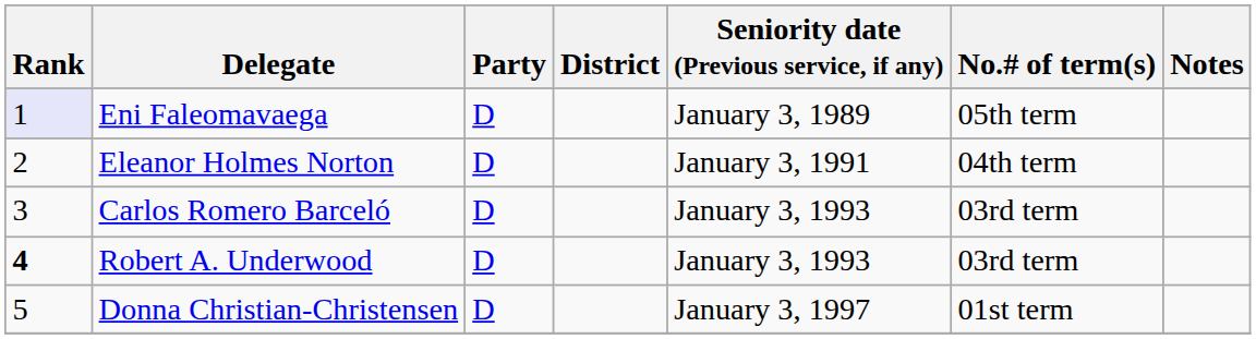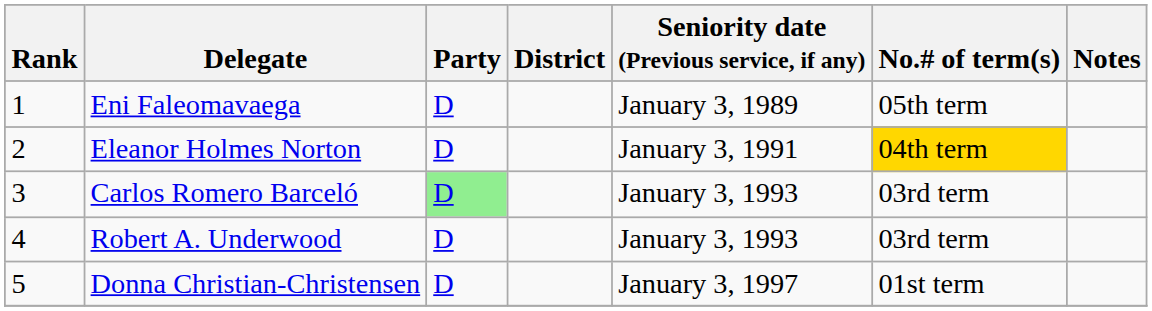 <table class="wikitable sortable">
 <tr valign=bottom>
 <th>Rank</th>
 <th>Delegate</th>
 <th>Party</th>
 <th>District</th>
 <th>Seniority date<br><small>(Previous service, if any)</small><br></th>
 <th>No.# of term(s)</th>
 <th>Notes</th>
 </tr>
 <tr>
-<td style="background: lavender;">1</td>
+<td>1</td>
 <td><a href='#'>Eni Faleomavaega</a></td>
 <td><a href='#'>D</a></td>
 <td></td>
 <td>January 3, 1989</td>
 <td>05th term</td>
 <td></td>
 </tr>
 <tr>
 <td>2</td>
 <td><a href='#'>Eleanor Holmes Norton</a></td>
 <td><a href='#'>D</a></td>
 <td></td>
 <td>January 3, 1991</td>
-<td>04th term</td>
+<td style="background: gold;">04th term</td>
 <td></td>
 </tr>
 <tr>
 <td>3</td>
 <td><a href='#'>Carlos Romero Barceló</a></td>
-<td><a href='#'>D</a></td>
+<td style="background: lightgreen;"><a href='#'>D</a></td>
 <td></td>
 <td>January 3, 1993</td>
 <td>03rd term</td>
 <td></td>
 </tr>
 <tr>
-<td><strong>4</strong></td>
+<td>4</td>
 <td><a href='#'>Robert A. Underwood</a></td>
 <td><a href='#'>D</a></td>
 <td></td>
 <td>January 3, 1993</td>
 <td>03rd term</td>
 <td></td>
 </tr>
 <tr>
 <td>5</td>
 <td><a href='#'>Donna Christian-Christensen</a></td>
 <td><a href='#'>D</a></td>
 <td></td>
 <td>January 3, 1997</td>
 <td>01st term</td>
 <td></td>
 </tr>
 <tr>
 </tr>
 </table>
